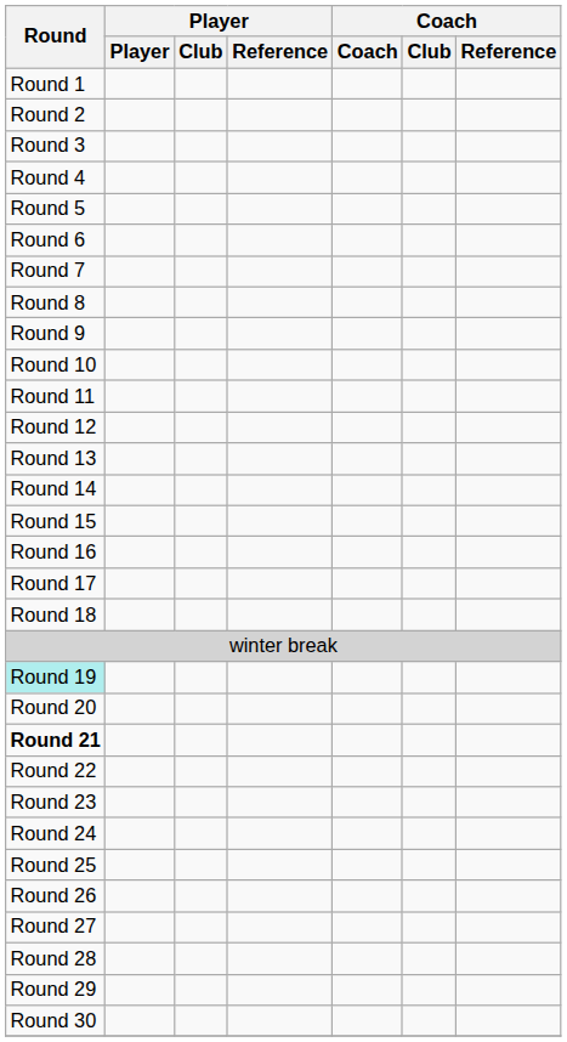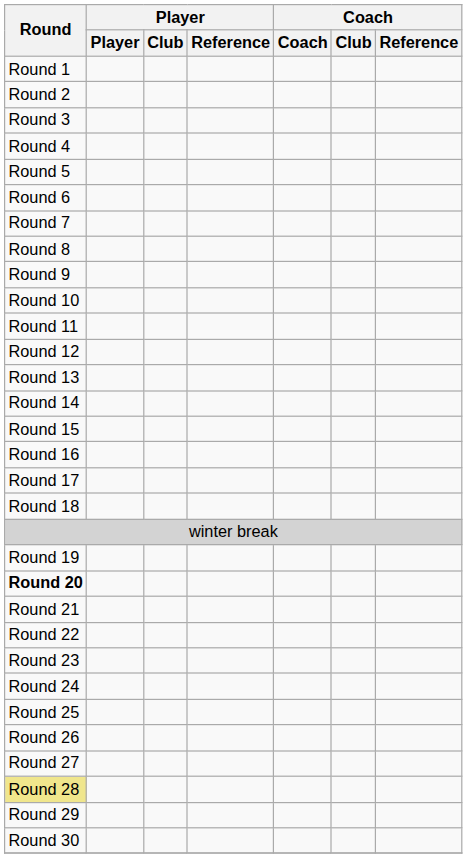 <table class="wikitable collapsible autocollapse" style="text-align:left; font-size:85%">
 <tr>
 <th rowspan="2">Round</th>
 <th colspan="3">Player</th>
 <th colspan="3">Coach</th>
 </tr>
 <tr>
 <th>Player</th>
 <th>Club</th>
 <th>Reference</th>
 <th>Coach</th>
 <th>Club</th>
 <th>Reference</th>
 </tr>
 <tr>
 <td>Round 1</td>
 <td></td>
 <td></td>
 <td align=center></td>
 <td></td>
 <td></td>
 <td align=center></td>
 </tr>
 <tr>
 <td>Round 2</td>
 <td></td>
 <td></td>
 <td align=center></td>
 <td></td>
 <td></td>
 <td align=center></td>
 </tr>
 <tr>
 <td>Round 3</td>
 <td></td>
 <td></td>
 <td align=center></td>
 <td></td>
 <td></td>
 <td align=center></td>
 </tr>
 <tr>
 <td>Round 4</td>
 <td></td>
 <td></td>
 <td align=center></td>
 <td></td>
 <td></td>
 <td align=center></td>
 </tr>
 <tr>
 <td>Round 5</td>
 <td></td>
 <td></td>
 <td align=center></td>
 <td></td>
 <td></td>
 <td align=center></td>
 </tr>
 <tr>
 <td>Round 6</td>
 <td></td>
 <td></td>
 <td align=center></td>
 <td></td>
 <td></td>
 <td align=center></td>
 </tr>
 <tr>
 <td>Round 7</td>
 <td></td>
 <td></td>
 <td align=center></td>
 <td></td>
 <td></td>
 <td align=center></td>
 </tr>
 <tr>
 <td>Round 8</td>
 <td></td>
 <td></td>
 <td align=center></td>
 <td></td>
 <td></td>
 <td align=center></td>
 </tr>
 <tr>
 <td>Round 9</td>
 <td></td>
 <td></td>
 <td align=center></td>
 <td></td>
 <td></td>
 <td align=center></td>
 </tr>
 <tr>
 <td>Round 10</td>
 <td></td>
 <td></td>
 <td align=center></td>
 <td></td>
 <td></td>
 <td align=center></td>
 </tr>
 <tr>
 <td>Round 11</td>
 <td></td>
 <td></td>
 <td align=center></td>
 <td></td>
 <td></td>
 <td align=center></td>
 </tr>
 <tr>
 <td>Round 12</td>
 <td></td>
 <td></td>
 <td align=center></td>
 <td></td>
 <td></td>
 <td align=center></td>
 </tr>
 <tr>
 <td>Round 13</td>
 <td></td>
 <td></td>
 <td align=center></td>
 <td></td>
 <td></td>
 <td align=center></td>
 </tr>
 <tr>
 <td>Round 14</td>
 <td></td>
 <td></td>
 <td align=center></td>
 <td></td>
 <td></td>
 <td align=center></td>
 </tr>
 <tr>
 <td>Round 15</td>
 <td></td>
 <td></td>
 <td align=center></td>
 <td></td>
 <td></td>
 <td align=center></td>
 </tr>
 <tr>
 <td>Round 16</td>
 <td></td>
 <td></td>
 <td align=center></td>
 <td></td>
 <td></td>
 <td align=center></td>
 </tr>
 <tr>
 <td>Round 17</td>
 <td></td>
 <td></td>
 <td align=center></td>
 <td></td>
 <td></td>
 <td align=center></td>
 </tr>
 <tr>
 <td>Round 18</td>
 <td></td>
 <td></td>
 <td align=center></td>
 <td></td>
 <td></td>
 <td align=center></td>
 </tr>
 <tr>
 <td colspan=7 align=center bgcolor=lightgrey>winter break</td>
 </tr>
 <tr>
-<td style="background: paleturquoise;">Round 19</td>
+<td>Round 19</td>
 <td></td>
 <td></td>
 <td align=center></td>
 <td></td>
 <td></td>
 <td align=center></td>
 </tr>
 <tr>
-<td>Round 20</td>
+<td><strong>Round 20</strong></td>
 <td></td>
 <td></td>
 <td align=center></td>
 <td></td>
 <td></td>
 <td align=center></td>
 </tr>
 <tr>
-<td><strong>Round 21</strong></td>
+<td>Round 21</td>
 <td></td>
 <td></td>
 <td align=center></td>
 <td></td>
 <td></td>
 <td align=center></td>
 </tr>
 <tr>
 <td>Round 22</td>
 <td></td>
 <td></td>
 <td align=center></td>
 <td></td>
 <td></td>
 <td align=center></td>
 </tr>
 <tr>
 <td>Round 23</td>
 <td></td>
 <td></td>
 <td align=center></td>
 <td></td>
 <td></td>
 <td align=center></td>
 </tr>
 <tr>
 <td>Round 24</td>
 <td></td>
 <td></td>
 <td align=center></td>
 <td></td>
 <td></td>
 <td align=center></td>
 </tr>
 <tr>
 <td>Round 25</td>
 <td></td>
 <td></td>
 <td align=center></td>
 <td></td>
 <td></td>
 <td align=center></td>
 </tr>
 <tr>
 <td>Round 26</td>
 <td></td>
 <td></td>
 <td align=center></td>
 <td></td>
 <td></td>
 <td align=center></td>
 </tr>
 <tr>
 <td>Round 27</td>
 <td></td>
 <td></td>
 <td align=center></td>
 <td></td>
 <td></td>
 <td align=center></td>
 </tr>
 <tr>
-<td>Round 28</td>
+<td style="background: khaki;">Round 28</td>
 <td></td>
 <td></td>
 <td align=center></td>
 <td></td>
 <td></td>
 <td align=center></td>
 </tr>
 <tr>
 <td>Round 29</td>
 <td></td>
 <td></td>
 <td align=center></td>
 <td></td>
 <td></td>
 <td align=center></td>
 </tr>
 <tr>
 <td>Round 30</td>
 <td></td>
 <td></td>
 <td align=center></td>
 <td></td>
 <td></td>
 <td align=center></td>
 </tr>
 <tr>
 </tr>
 </table>
